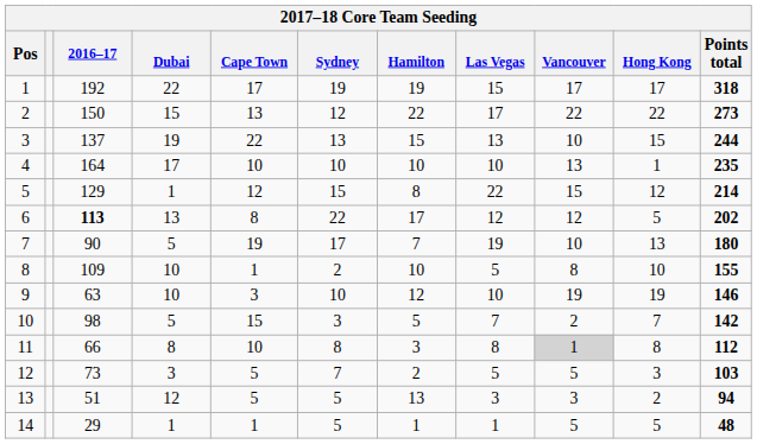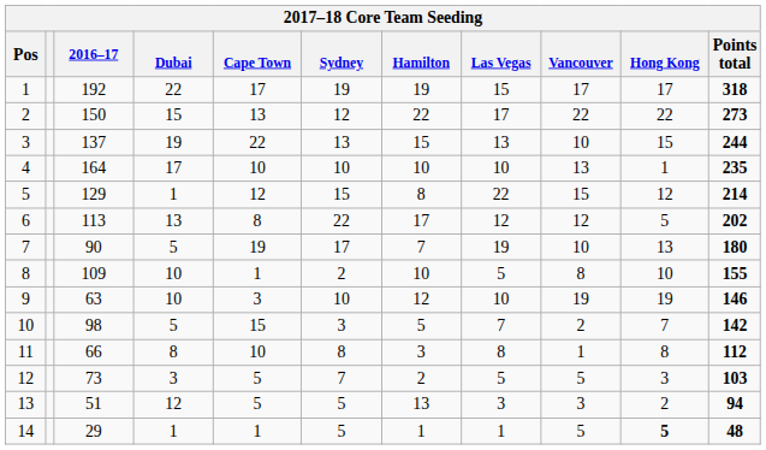 <table class="wikitable" style="text-align:center">
 <tr bgcolor="#efefef">
 <th colspan=13 style="border-right:0px;";>2017–18 Core Team Seeding</th>
 </tr>
 <tr bgcolor="#efefef">
 <th style="width:2em;">Pos</th>
 <th></th>
 <th style="width:5.2em; font-size:85%;"><a href='#'>2016–17</a></th>
 <th style="width:5.2em; font-size:85%;"><br><a href='#'>Dubai</a></th>
 <th style="width:5.8em; font-size:85%;"><br><a href='#'>Cape Town</a></th>
 <th style="width:5.2em; font-size:85%;"><br><a href='#'>Sydney</a></th>
 <th style="width:5.2em; font-size:85%;"><br><a href='#'>Hamilton</a></th>
 <th style="width:5.2em; font-size:85%;"><br><a href='#'>Las Vegas</a></th>
 <th style="width:5.2em; font-size:85%;"><br><a href='#'>Vancouver</a></th>
 <th style="width:5.8em; font-size:85%;"><br><a href='#'>Hong Kong</a></th>
 <th>Points<br>total</th>
 </tr>
 <tr>
 <td>1</td>
 <td align=left></td>
 <td>192</td>
 <td>22</td>
 <td>17</td>
 <td>19</td>
 <td>19</td>
 <td>15</td>
 <td>17</td>
 <td>17</td>
 <td><strong>318</strong></td>
 </tr>
 <tr>
 <td>2</td>
 <td align=left></td>
 <td>150</td>
 <td>15</td>
 <td>13</td>
 <td>12</td>
 <td>22</td>
 <td>17</td>
 <td>22</td>
 <td>22</td>
 <td><strong>273</strong></td>
 </tr>
 <tr>
 <td>3</td>
 <td align=left></td>
 <td>137</td>
 <td>19</td>
 <td>22</td>
 <td>13</td>
 <td>15</td>
 <td>13</td>
 <td>10</td>
 <td>15</td>
 <td><strong>244</strong></td>
 </tr>
 <tr>
 <td>4</td>
 <td align=left></td>
 <td>164</td>
 <td>17</td>
 <td>10</td>
 <td>10</td>
 <td>10</td>
 <td>10</td>
 <td>13</td>
 <td>1</td>
 <td><strong>235</strong></td>
 </tr>
 <tr>
 <td>5</td>
 <td align=left></td>
 <td>129</td>
 <td>1</td>
 <td>12</td>
 <td>15</td>
 <td>8</td>
 <td>22</td>
 <td>15</td>
 <td>12</td>
 <td><strong>214</strong></td>
 </tr>
 <tr>
 <td>6</td>
 <td align=left></td>
-<td><strong>113</strong></td>
+<td>113</td>
 <td>13</td>
 <td>8</td>
 <td>22</td>
 <td>17</td>
 <td>12</td>
 <td>12</td>
 <td>5</td>
 <td><strong>202</strong></td>
 </tr>
 <tr>
 <td>7</td>
 <td align=left></td>
 <td>90</td>
 <td>5</td>
 <td>19</td>
 <td>17</td>
 <td>7</td>
 <td>19</td>
 <td>10</td>
 <td>13</td>
 <td><strong>180</strong></td>
 </tr>
 <tr>
 <td>8</td>
 <td align=left></td>
 <td>109</td>
 <td>10</td>
 <td>1</td>
 <td>2</td>
 <td>10</td>
 <td>5</td>
 <td>8</td>
 <td>10</td>
 <td><strong>155</strong></td>
 </tr>
 <tr>
 <td>9</td>
 <td align=left></td>
 <td>63</td>
 <td>10</td>
 <td>3</td>
 <td>10</td>
 <td>12</td>
 <td>10</td>
 <td>19</td>
 <td>19</td>
 <td><strong>146</strong></td>
 </tr>
 <tr>
 <td>10</td>
 <td align=left></td>
 <td>98</td>
 <td>5</td>
 <td>15</td>
 <td>3</td>
 <td>5</td>
 <td>7</td>
 <td>2</td>
 <td>7</td>
 <td><strong>142</strong></td>
 </tr>
 <tr>
 <td>11</td>
 <td align=left></td>
 <td>66</td>
 <td>8</td>
 <td>10</td>
 <td>8</td>
 <td>3</td>
 <td>8</td>
-<td style="background: lightgrey;">1</td>
+<td>1</td>
 <td>8</td>
 <td><strong>112</strong></td>
 </tr>
 <tr>
 <td>12</td>
 <td align=left></td>
 <td>73</td>
 <td>3</td>
 <td>5</td>
 <td>7</td>
 <td>2</td>
 <td>5</td>
 <td>5</td>
 <td>3</td>
 <td><strong>103</strong></td>
 </tr>
 <tr>
 <td>13</td>
 <td align=left></td>
 <td>51</td>
 <td>12</td>
 <td>5</td>
 <td>5</td>
 <td>13</td>
 <td>3</td>
 <td>3</td>
 <td>2</td>
 <td><strong>94</strong></td>
 </tr>
 <tr>
 <td>14</td>
 <td align=left></td>
 <td>29</td>
 <td>1</td>
 <td>1</td>
 <td>5</td>
 <td>1</td>
 <td>1</td>
 <td>5</td>
-<td>5</td>
+<td><strong>5</strong></td>
 <td><strong>48</strong></td>
 </tr>
 </table>
